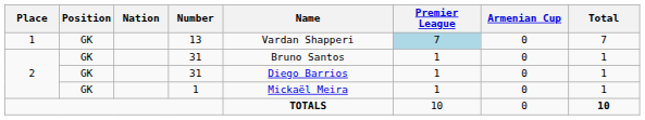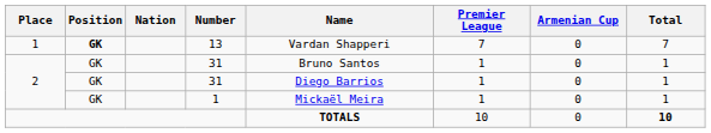 <table class="wikitable" style="font-size: 95%; text-align: center;">
 <tr>
 <th width=60>Place</th>
 <th width=60>Position</th>
 <th width=60>Nation</th>
 <th width=60>Number</th>
 <th width=200>Name</th>
 <th width=100><a href='#'>Premier League</a></th>
 <th width=100><a href='#'>Armenian Cup</a></th>
 <th width=80><strong>Total</strong></th>
 </tr>
 <tr>
 <td>1</td>
-<td>GK</td>
+<td><strong>GK</strong></td>
 <td></td>
 <td>13</td>
 <td>Vardan Shapperi</td>
-<td style="background: lightblue;">7</td>
+<td>7</td>
 <td>0</td>
 <td>7</td>
 </tr>
 <tr>
 <td rowspan="3">2</td>
 <td>GK</td>
 <td></td>
 <td>31</td>
 <td>Bruno Santos</td>
 <td>1</td>
 <td>0</td>
 <td>1</td>
 </tr>
 <tr>
 <td>GK</td>
 <td></td>
 <td>31</td>
 <td><a href='#'>Diego Barrios</a></td>
 <td>1</td>
 <td>0</td>
 <td>1</td>
 </tr>
 <tr>
 <td>GK</td>
 <td></td>
 <td>1</td>
 <td><a href='#'>Mickaël Meira</a></td>
 <td>1</td>
 <td>0</td>
 <td>1</td>
 </tr>
 <tr>
 <td colspan="4"></td>
 <td><strong>TOTALS</strong></td>
 <td>10</td>
 <td>0</td>
 <td><strong>10</strong></td>
 </tr>
 </table>
